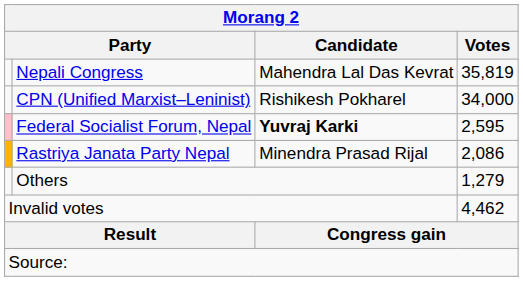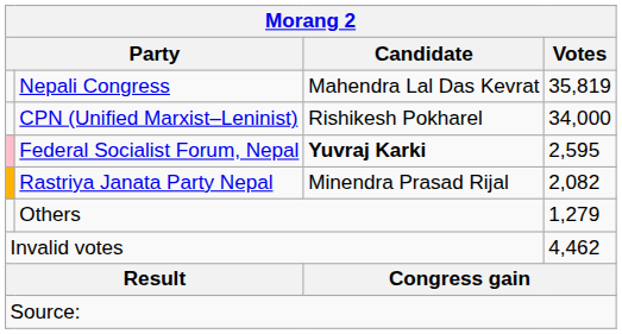 <table class="wikitable">
 <tr>
 <th colspan="4"><a href='#'>Morang 2</a></th>
 </tr>
 <tr>
 <th colspan="2">Party</th>
 <th>Candidate</th>
 <th>Votes</th>
 </tr>
 <tr>
 <td style="background-color:"></td>
 <td><a href='#'>Nepali Congress</a></td>
 <td>Mahendra Lal Das Kevrat</td>
 <td>35,819</td>
 </tr>
 <tr>
 <td style="background-color:"></td>
 <td><a href='#'>CPN (Unified Marxist–Leninist)</a></td>
 <td>Rishikesh Pokharel</td>
 <td>34,000</td>
 </tr>
 <tr>
 <td style="background-color:pink"></td>
 <td><a href='#'>Federal Socialist Forum, Nepal</a></td>
 <td><strong>Yuvraj Karki</strong></td>
 <td>2,595</td>
 </tr>
 <tr>
 <td style="background-color:#ffb300"></td>
 <td><a href='#'>Rastriya Janata Party Nepal</a></td>
 <td>Minendra Prasad Rijal</td>
-<td>2,086</td>
+<td>2,082</td>
 </tr>
 <tr>
 <td></td>
 <td colspan="2">Others</td>
 <td>1,279</td>
 </tr>
 <tr>
 <td colspan="3">Invalid votes</td>
 <td>4,462</td>
 </tr>
 <tr>
 <th colspan="2">Result</th>
 <th colspan="2">Congress gain</th>
 </tr>
 <tr>
 <td colspan="4">Source: </td>
 </tr>
 </table>
